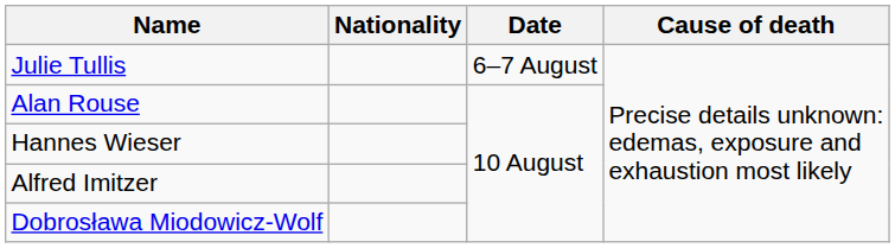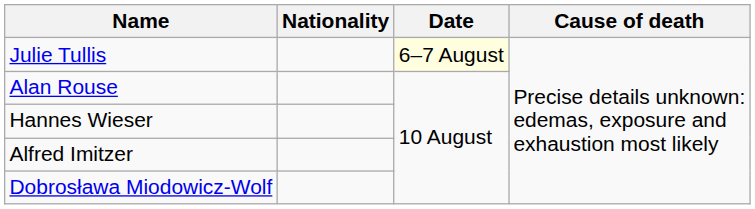 <table class="wikitable">
 <tr>
 <th>Name</th>
 <th>Nationality</th>
 <th>Date</th>
 <th>Cause of death</th>
 </tr>
 <tr>
 <td><a href='#'>Julie Tullis</a></td>
 <td></td>
-<td>6–7 August</td>
+<td style="background: lightyellow;">6–7 August</td>
 <td rowspan=5>Precise details unknown:<br> edemas, exposure and <br>exhaustion most likely</td>
 </tr>
 <tr>
 <td><a href='#'>Alan Rouse</a></td>
 <td></td>
 <td rowspan=4>10 August</td>
 </tr>
 <tr>
 <td>Hannes Wieser</td>
 <td></td>
 </tr>
 <tr>
 <td>Alfred Imitzer</td>
 <td></td>
 </tr>
 <tr>
 <td><a href='#'>Dobrosława Miodowicz-Wolf</a></td>
 <td></td>
 </tr>
 </table>
